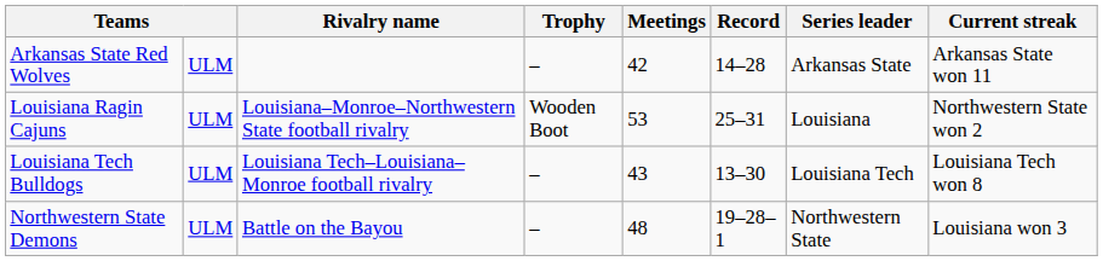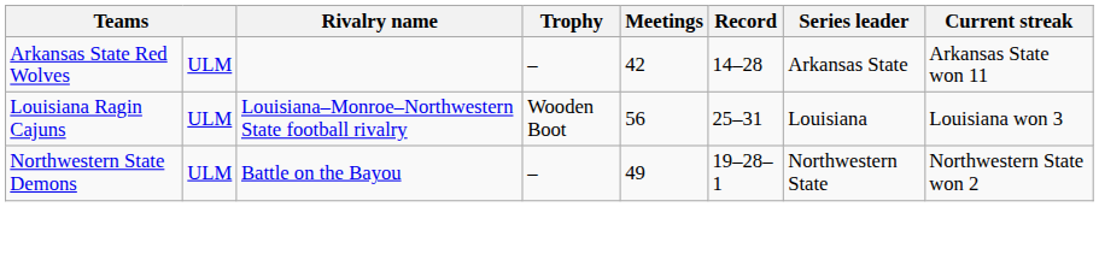 <table class=wikitable style="text-align: ">
 <tr>
 <th colspan=2 width=px>Teams</th>
 <th width=px>Rivalry name</th>
 <th width=px>Trophy</th>
 <th width=px>Meetings</th>
 <th width=px>Record</th>
 <th width=px>Series leader</th>
 <th width=px>Current streak</th>
 </tr>
 <tr>
 <td><a href='#'>Arkansas State Red Wolves</a></td>
 <td><a href='#'>ULM</a></td>
 <td></td>
 <td>–</td>
 <td>42</td>
 <td>14–28</td>
 <td>Arkansas State</td>
 <td>Arkansas State won 11 </td>
 </tr>
 <tr>
 <td><a href='#'>Louisiana Ragin Cajuns</a></td>
 <td><a href='#'>ULM</a></td>
 <td><a href='#'>Louisiana–Monroe–Northwestern State football rivalry</a></td>
 <td>Wooden Boot</td>
-<td>53</td>
+<td>56</td>
 <td>25–31</td>
 <td>Louisiana</td>
-<td>Northwestern State won 2 </td>
-</tr>
-<tr>
-<td><a href='#'>Louisiana Tech Bulldogs</a></td>
-<td><a href='#'>ULM</a></td>
-<td><a href='#'>Louisiana Tech–Louisiana–Monroe football rivalry</a></td>
-<td>–</td>
-<td>43</td>
-<td>13–30</td>
-<td>Louisiana Tech</td>
-<td>Louisiana Tech won 8 </td>
+<td>Louisiana won 3 </td>
 </tr>
 <tr>
 <td><a href='#'>Northwestern State Demons</a></td>
 <td><a href='#'>ULM</a></td>
 <td><a href='#'>Battle on the Bayou</a></td>
 <td>–</td>
-<td>48</td>
+<td>49</td>
 <td>19–28–1</td>
 <td>Northwestern State</td>
-<td>Louisiana won 3 </td>
+<td>Northwestern State won 2 </td>
 </tr>
 </table>
